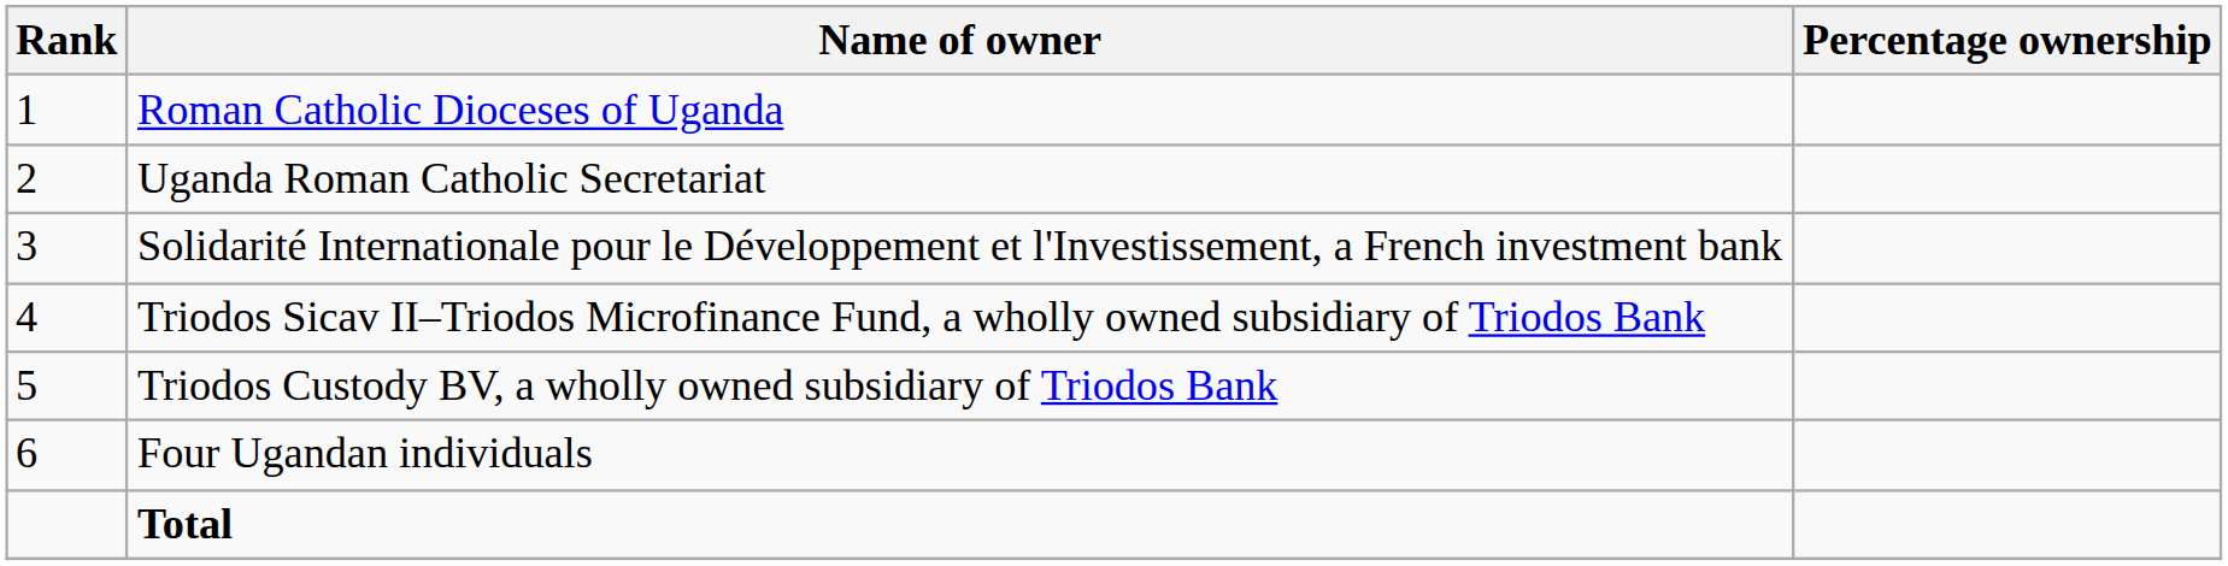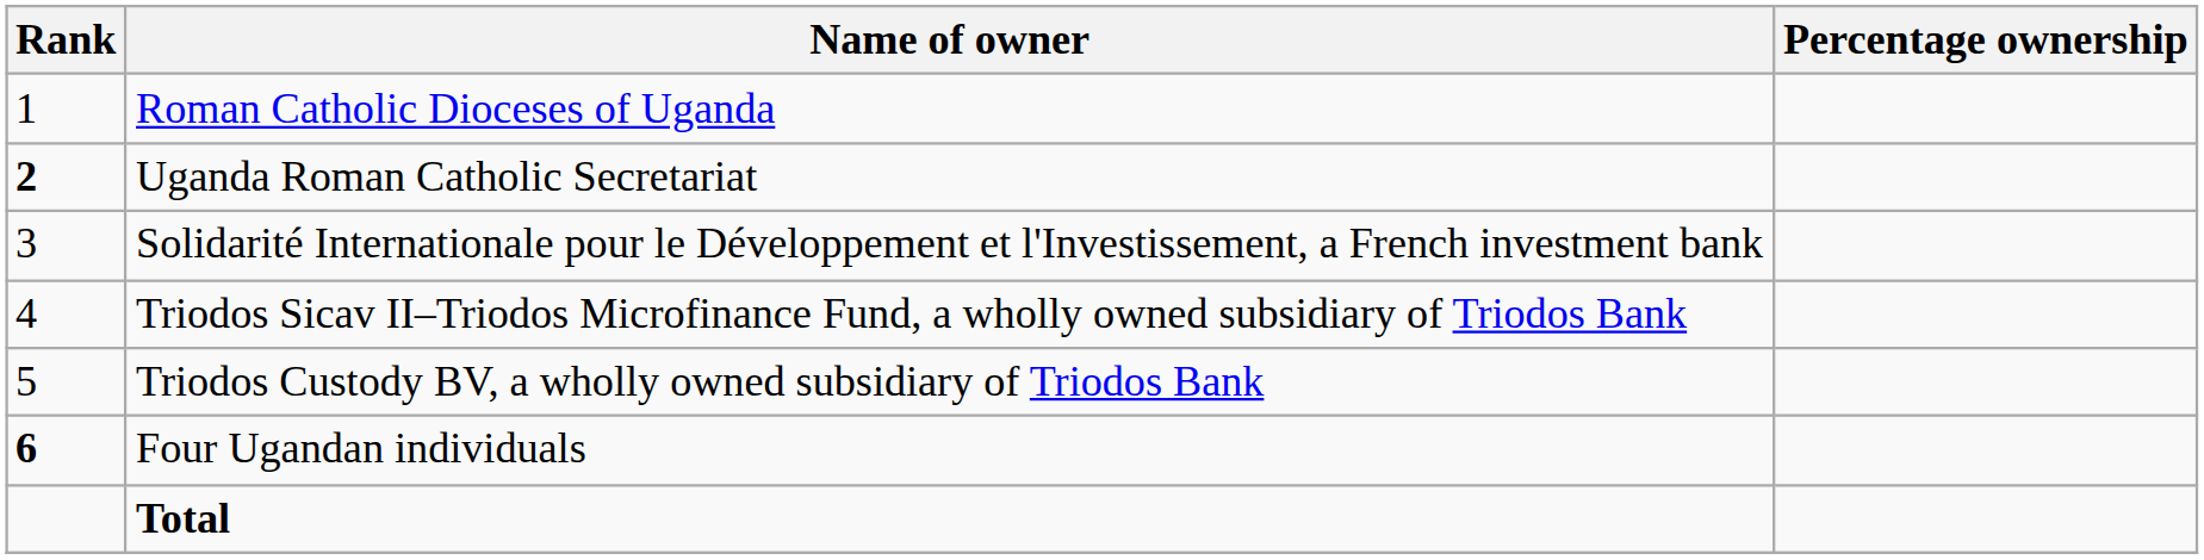 <table class="wikitable sortable" style="margin: 0.5em auto">
 <tr>
 <th>Rank</th>
 <th>Name of owner</th>
 <th>Percentage ownership</th>
 </tr>
 <tr>
 <td>1</td>
 <td><a href='#'>Roman Catholic Dioceses of Uganda</a></td>
 <td></td>
 </tr>
 <tr>
-<td>2</td>
+<td><strong>2</strong></td>
 <td>Uganda Roman Catholic Secretariat</td>
 <td></td>
 </tr>
 <tr>
 <td>3</td>
 <td>Solidarité Internationale pour le Développement et l'Investissement, a French investment bank</td>
 <td></td>
 </tr>
 <tr>
 <td>4</td>
 <td>Triodos Sicav II–Triodos Microfinance Fund, a wholly owned subsidiary of <a href='#'>Triodos Bank</a></td>
 <td></td>
 </tr>
 <tr>
 <td>5</td>
 <td>Triodos Custody BV, a wholly owned subsidiary of <a href='#'>Triodos Bank</a></td>
 <td></td>
 </tr>
 <tr>
-<td>6</td>
+<td><strong>6</strong></td>
 <td>Four Ugandan individuals</td>
 <td></td>
 </tr>
 <tr>
 <td></td>
 <td><strong>Total</strong></td>
 <td></td>
 </tr>
 <tr>
 </tr>
 </table>
